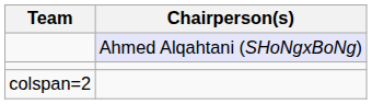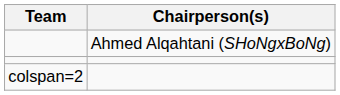 <table class="wikitable sortable" style="text-align: left;">
 <tr>
 <th>Team</th>
 <th>Chairperson(s)</th>
 </tr>
 <tr>
 <td></td>
-<td style="background: lavender;"> Ahmed Alqahtani (<em>SHoNgxBoNg</em>)</td>
+<td> Ahmed Alqahtani (<em>SHoNgxBoNg</em>)</td>
 </tr>
 <tr>
 <td></td>
 <td></td>
 </tr>
 <tr>
 <td>colspan=2 </td>
 </tr>
 </table>
